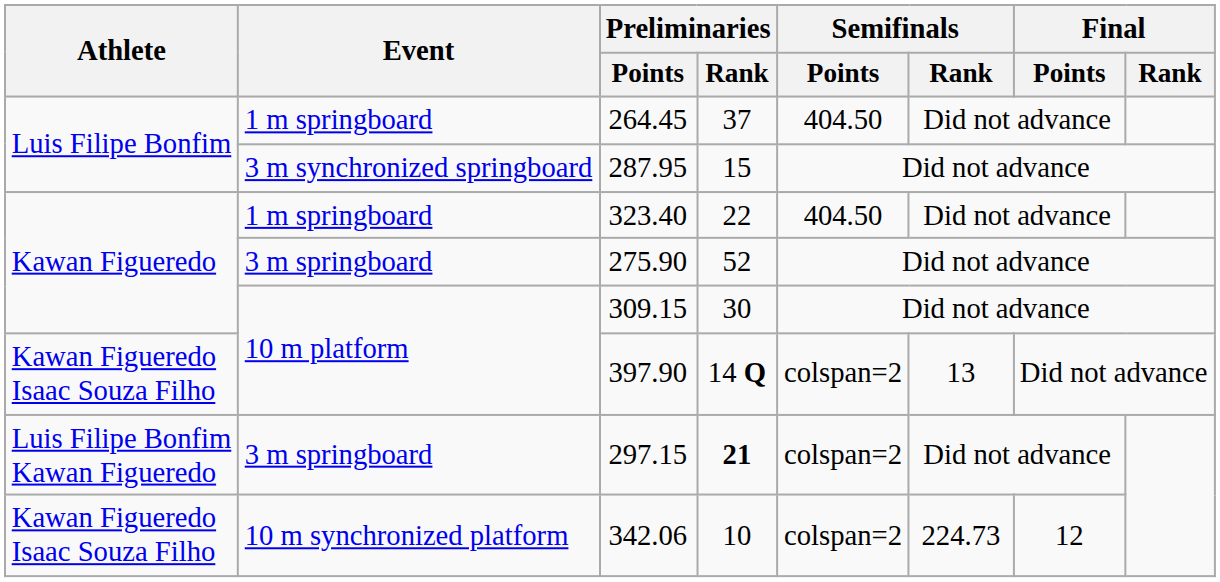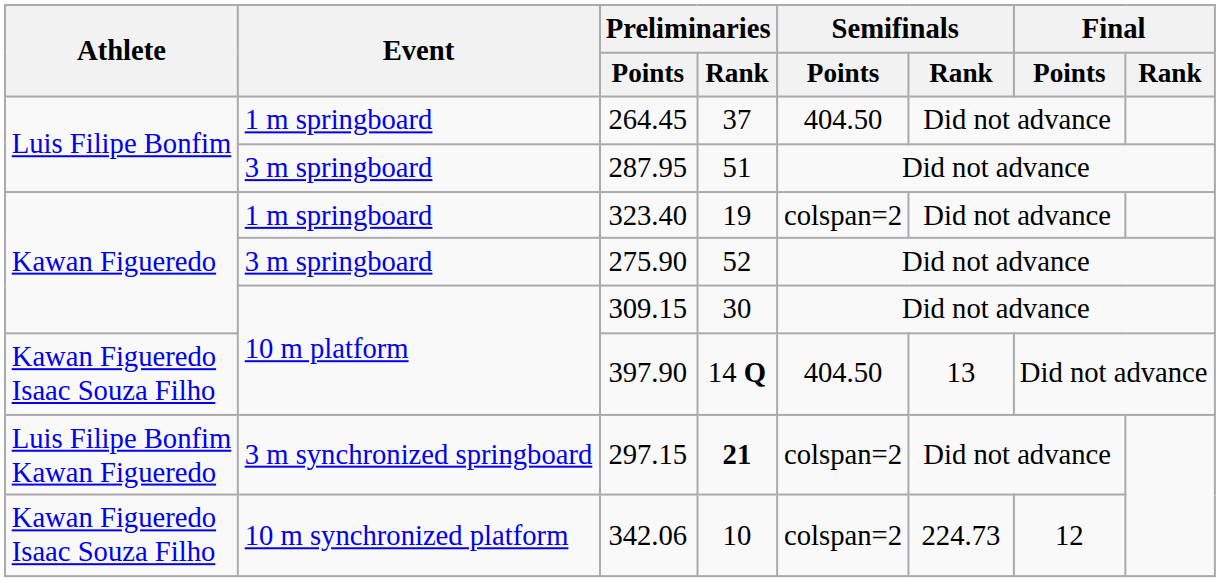 <table class=wikitable style="font-size:90%;">
 <tr>
 <th rowspan="2">Athlete</th>
 <th rowspan="2">Event</th>
 <th colspan="2">Preliminaries</th>
 <th colspan="2">Semifinals</th>
 <th colspan="2">Final</th>
 </tr>
 <tr style="font-size:95%">
 <th>Points</th>
 <th>Rank</th>
 <th>Points</th>
 <th>Rank</th>
 <th>Points</th>
 <th>Rank</th>
 </tr>
 <tr align=center>
 <td align=left rowspan=2><a href='#'>Luis Filipe Bonfim</a></td>
 <td align=left><a href='#'>1 m springboard</a></td>
 <td>264.45</td>
 <td>37</td>
 <td>404.50</td>
 <td colspan=2>Did not advance</td>
 </tr>
 <tr align=center>
-<td align=left><a href='#'>3 m synchronized springboard</a></td>
+<td align=left><a href='#'>3 m springboard</a></td>
 <td>287.95</td>
-<td>15</td>
+<td>51</td>
 <td colspan=4>Did not advance</td>
 </tr>
 <tr align=center>
 <td align=left rowspan=3><a href='#'>Kawan Figueredo</a></td>
 <td align=left><a href='#'>1 m springboard</a></td>
 <td>323.40</td>
-<td>22</td>
-<td>404.50</td>
+<td>19</td>
+<td>colspan=2 </td>
 <td colspan=2>Did not advance</td>
 </tr>
 <tr align=center>
 <td align=left><a href='#'>3 m springboard</a></td>
 <td>275.90</td>
 <td>52</td>
 <td colspan=4>Did not advance</td>
 </tr>
 <tr align=center>
 <td align=left rowspan=2><a href='#'>10 m platform</a></td>
 <td>309.15</td>
 <td>30</td>
 <td colspan=4>Did not advance</td>
 </tr>
 <tr align=center>
 <td align=left><a href='#'>Kawan Figueredo</a><br><a href='#'>Isaac Souza Filho</a></td>
 <td>397.90</td>
 <td>14 <strong>Q</strong></td>
-<td>colspan=2 </td>
+<td>404.50</td>
 <td>13</td>
 <td colspan=2>Did not advance</td>
 </tr>
 <tr align=center>
 <td align=left><a href='#'>Luis Filipe Bonfim</a><br><a href='#'>Kawan Figueredo</a></td>
-<td align=left><a href='#'>3 m springboard</a></td>
+<td align=left><a href='#'>3 m synchronized springboard</a></td>
 <td>297.15</td>
 <td><strong>21</strong></td>
 <td>colspan=2 </td>
 <td colspan=2>Did not advance</td>
 </tr>
 <tr align=center>
 <td align=left><a href='#'>Kawan Figueredo</a><br><a href='#'>Isaac Souza Filho</a></td>
 <td align=left><a href='#'>10 m synchronized platform</a></td>
 <td>342.06</td>
 <td>10</td>
 <td>colspan=2 </td>
 <td>224.73</td>
 <td>12</td>
 </tr>
 </table>
